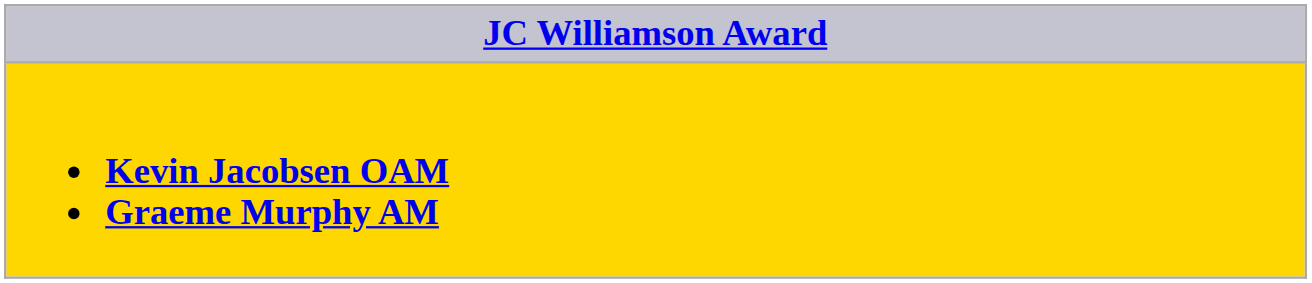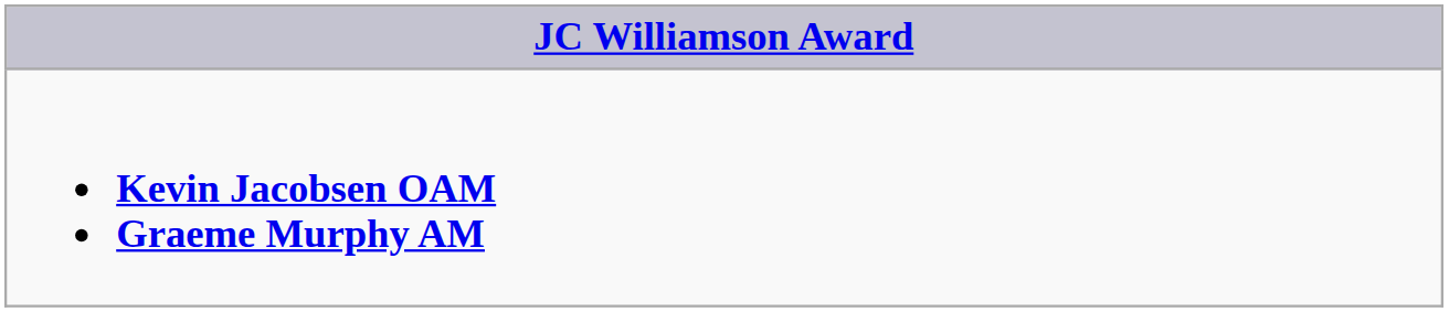 <table class=wikitable width="45%" border="1" cellpadding="5" cellspacing="0" align="centre">
 <tr>
 <th style="background:#C4C3D0;width:50%"><a href='#'>JC Williamson Award</a></th>
 </tr>
 <tr>
-<td valign="top" style="background: gold;"><br><ul><li><strong><a href='#'>Kevin Jacobsen OAM</a></strong></li><li><strong><a href='#'>Graeme Murphy AM</a></strong></li></ul></td>
+<td valign="top"><br><ul><li><strong><a href='#'>Kevin Jacobsen OAM</a></strong></li><li><strong><a href='#'>Graeme Murphy AM</a></strong></li></ul></td>
 </tr>
 </table>
